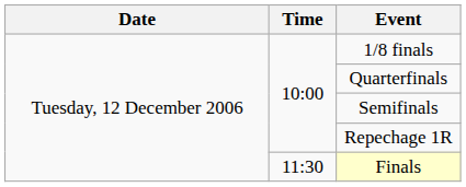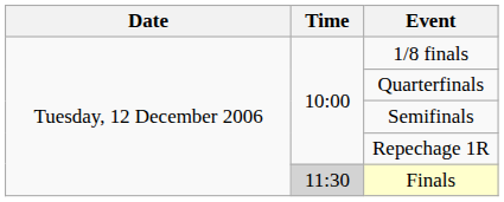 <table class = "wikitable" style="text-align:center;">
 <tr>
 <th width=220>Date</th>
 <th width=50>Time</th>
 <th width=100>Event</th>
 </tr>
 <tr>
 <td rowspan=5>Tuesday, 12 December 2006</td>
 <td rowspan=4>10:00</td>
 <td>1/8 finals</td>
 </tr>
 <tr>
 <td>Quarterfinals</td>
 </tr>
 <tr>
 <td>Semifinals</td>
 </tr>
 <tr>
 <td>Repechage 1R</td>
 </tr>
 <tr>
-<td>11:30</td>
+<td style="background: lightgrey;">11:30</td>
 <td bgcolor=ffffcc>Finals</td>
 </tr>
 </table>
